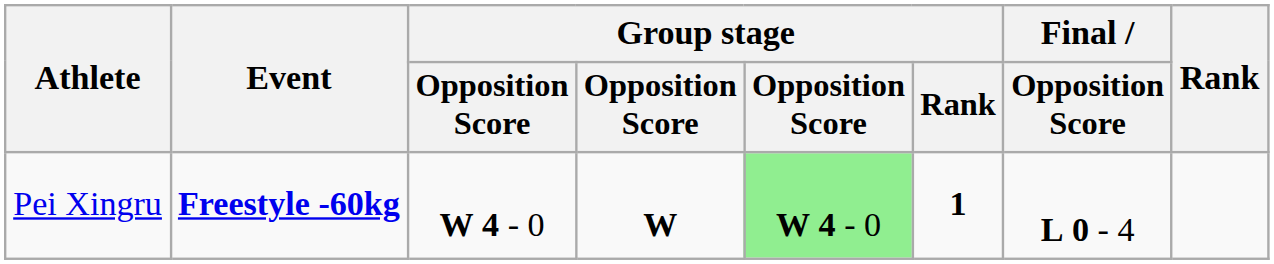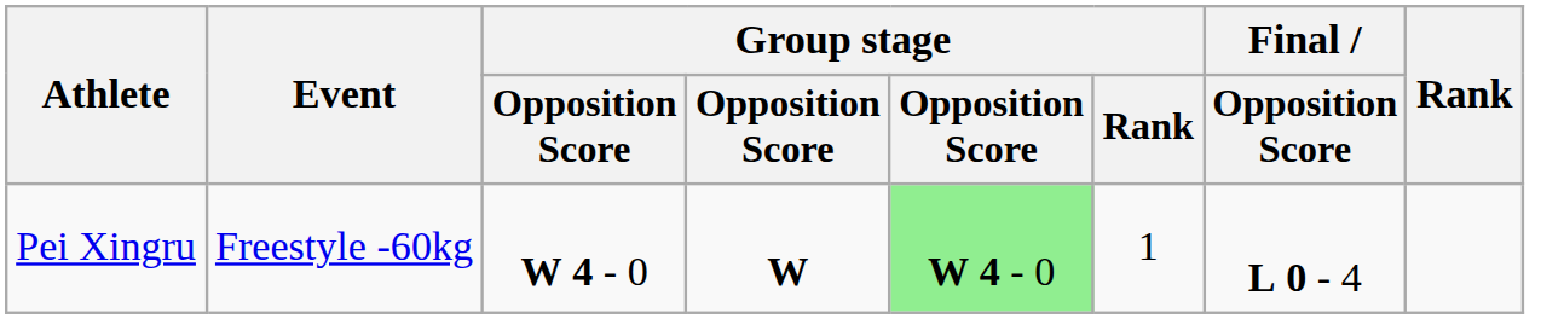 <table class="wikitable" style="font-size:90%">
 <tr>
 <th rowspan=2>Athlete</th>
 <th rowspan=2>Event</th>
 <th colspan=4>Group stage</th>
 <th>Final / </th>
 <th rowspan=2>Rank</th>
 </tr>
 <tr style="font-size:95%">
 <th>Opposition<br>Score</th>
 <th>Opposition<br>Score</th>
 <th>Opposition<br>Score</th>
 <th>Rank</th>
 <th>Opposition<br>Score</th>
 </tr>
 <tr align=center>
 <td align=left><a href='#'>Pei Xingru</a></td>
-<td align=left><strong><a href='#'>Freestyle -60kg</a></strong></td>
+<td align=left><a href='#'>Freestyle -60kg</a></td>
 <td><br><strong>W</strong> <strong>4</strong> - 0</td>
 <td><br><strong>W</strong></td>
 <td style="background: lightgreen;"><br><strong>W</strong> <strong>4</strong> - 0</td>
-<td><strong>1 </strong></td>
+<td>1 </td>
 <td><br><strong>L</strong> <strong>0</strong> - 4 <sup></sup></td>
 <td></td>
 </tr>
 </table>
